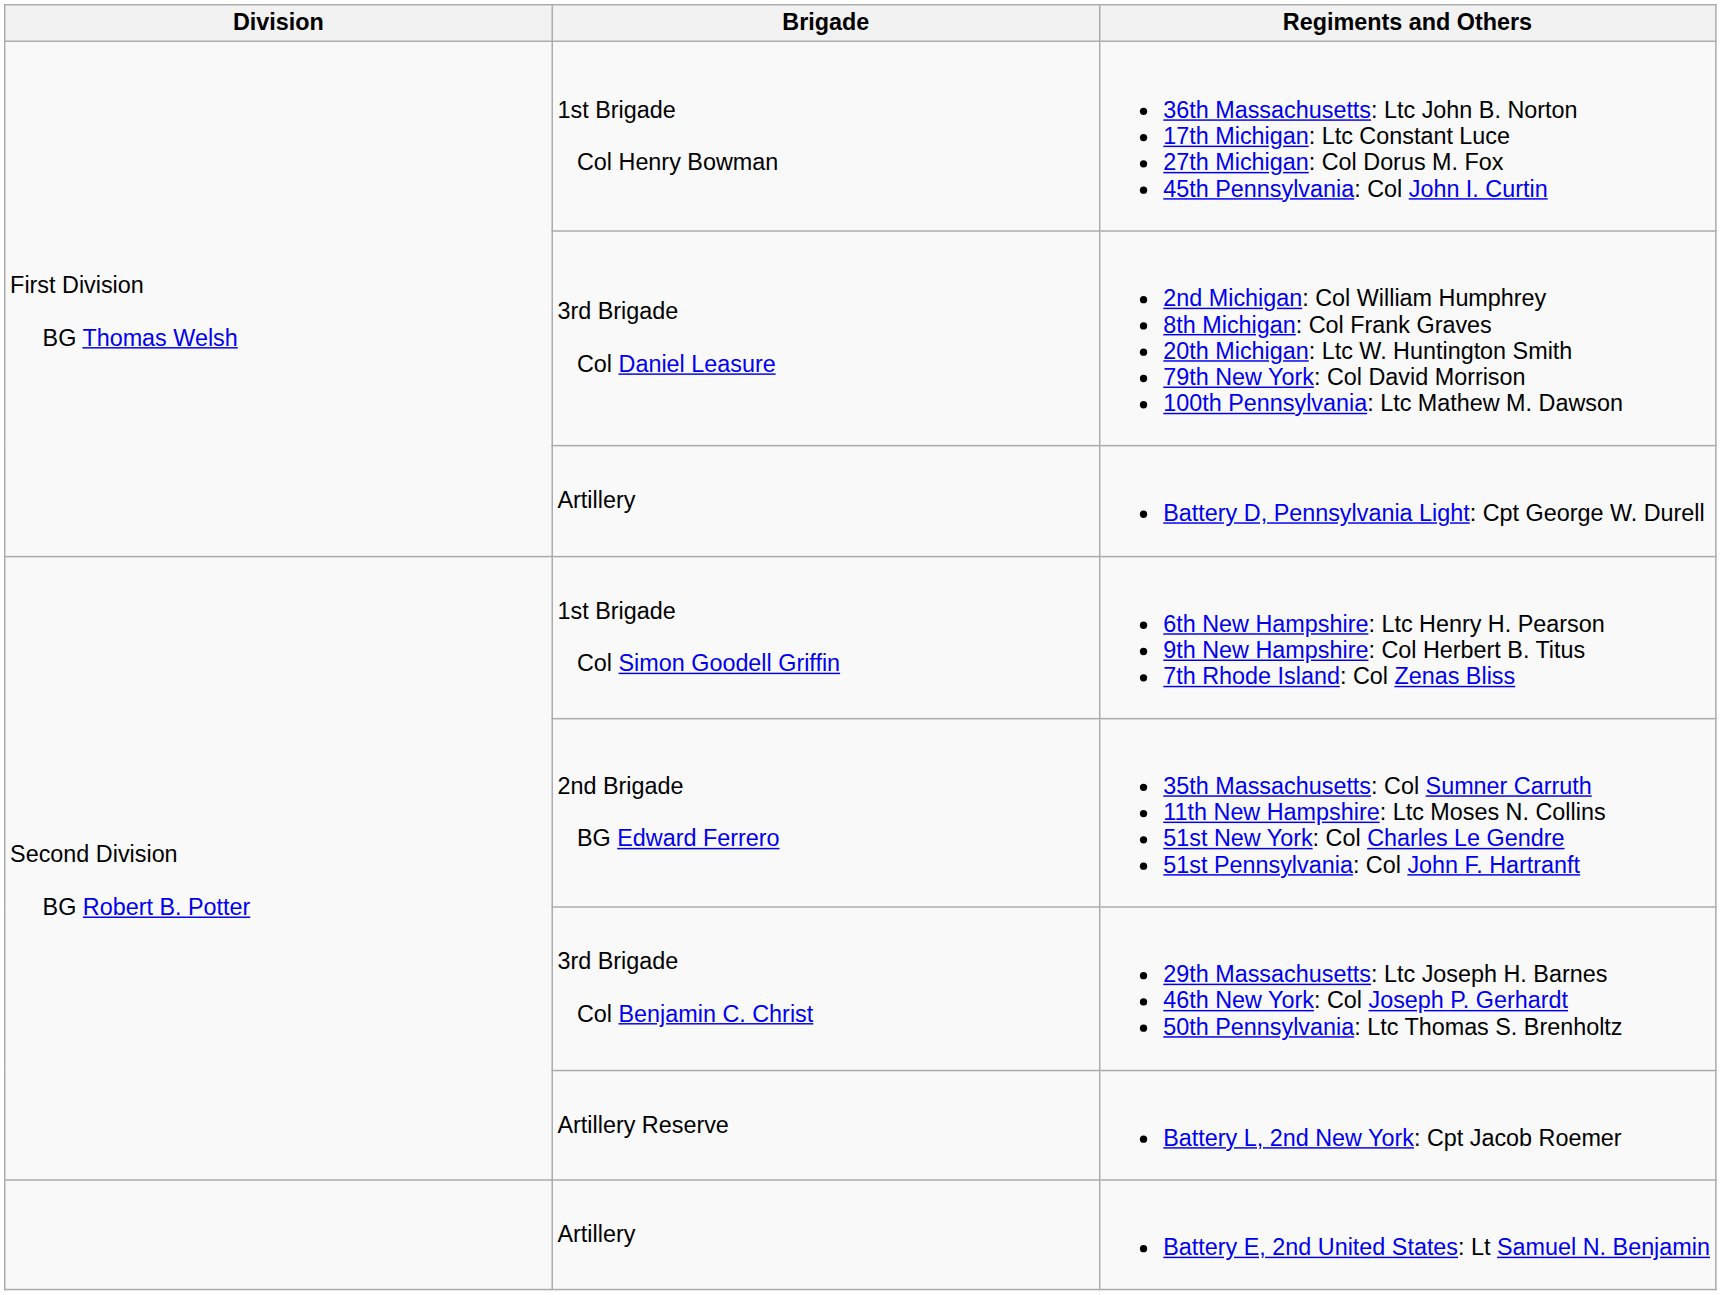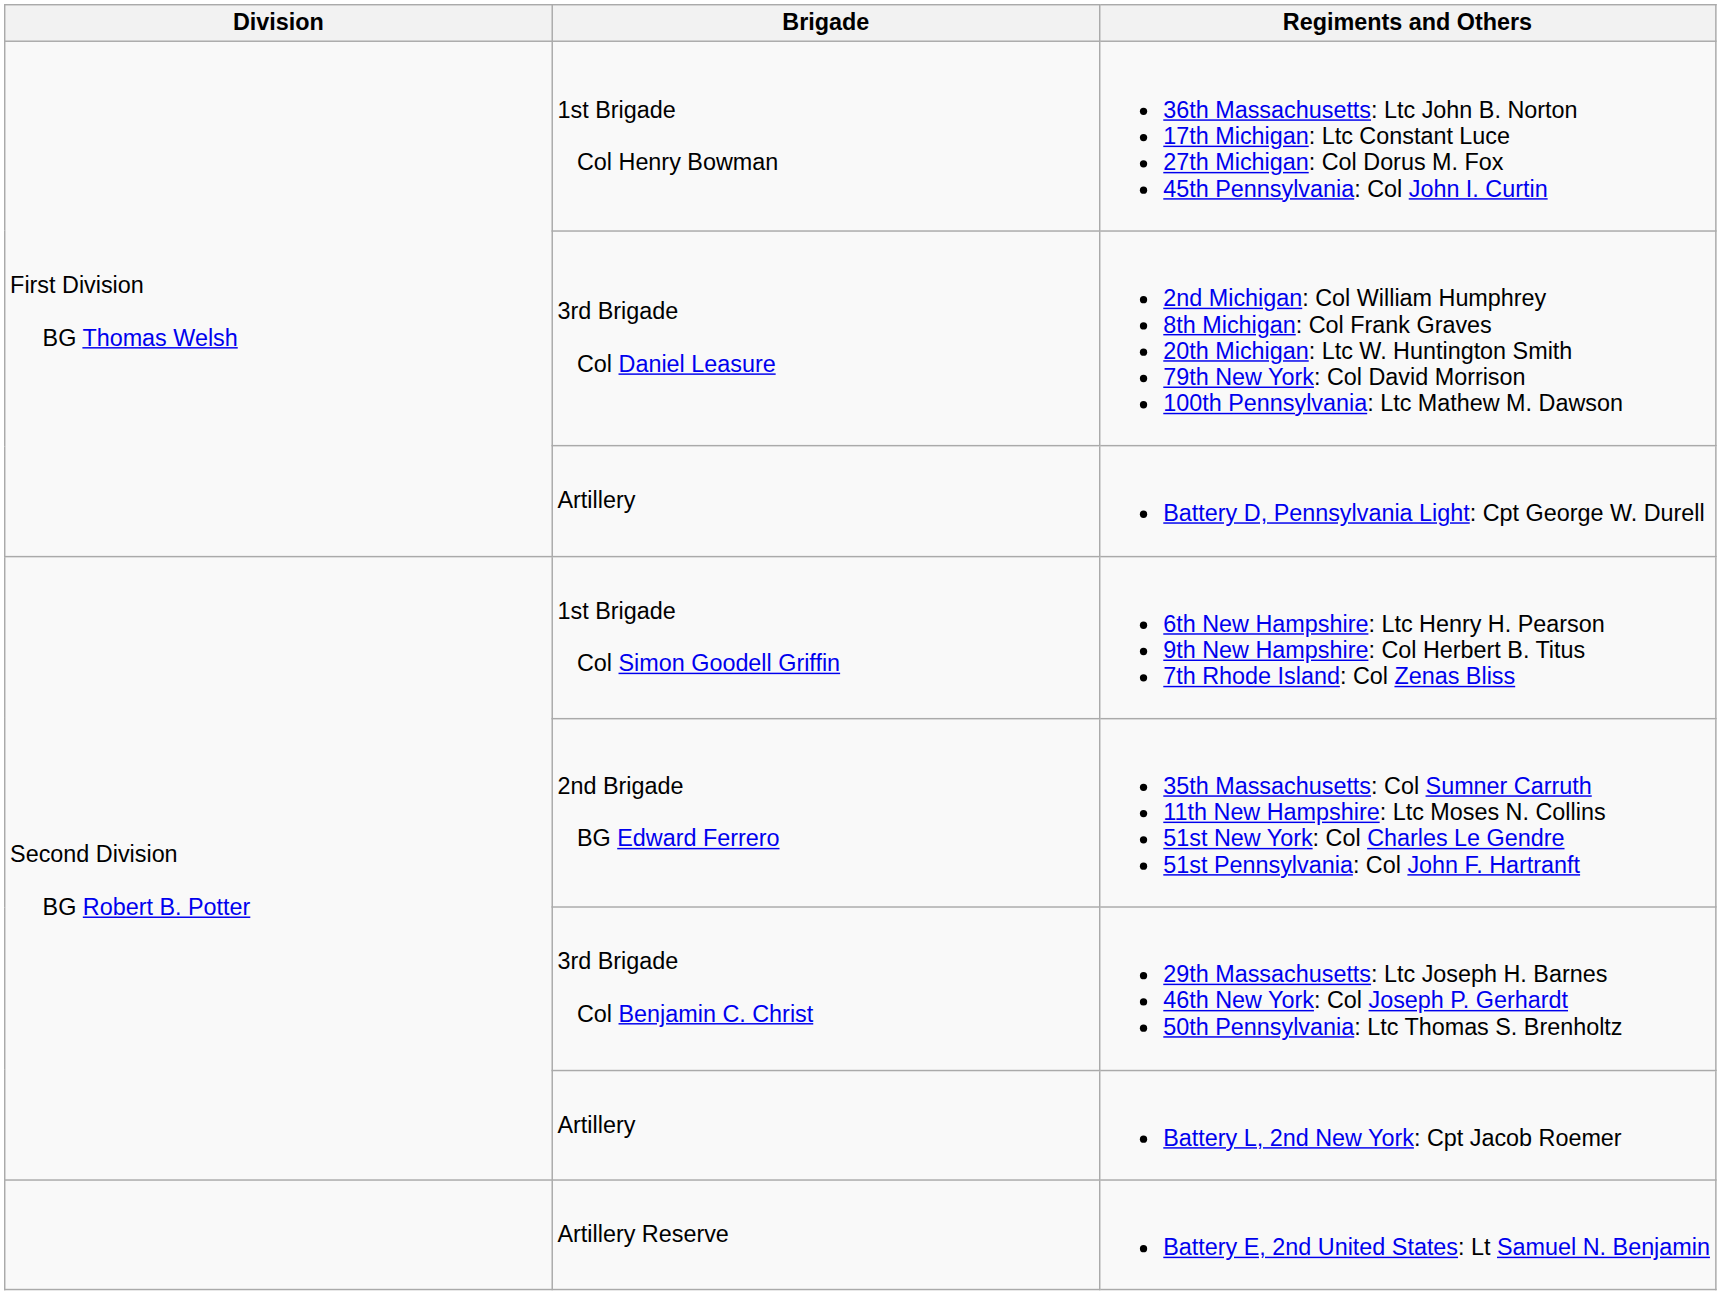 <table class="wikitable">
 <tr>
 <th width=32%>Division</th>
 <th width=32%>Brigade</th>
 <th>Regiments and Others</th>
 </tr>
 <tr>
 <td rowspan=3><br>First Division<br><br>     BG <a href='#'>Thomas Welsh</a></td>
 <td>1st Brigade<br><br>   Col Henry Bowman</td>
 <td><br><ul><li><a href='#'>36th Massachusetts</a>: Ltc John B. Norton</li><li><a href='#'>17th Michigan</a>: Ltc Constant Luce</li><li><a href='#'>27th Michigan</a>: Col Dorus M. Fox</li><li><a href='#'>45th Pennsylvania</a>: Col <a href='#'>John I. Curtin</a></li></ul></td>
 </tr>
 <tr>
 <td>3rd Brigade<br><br>   Col <a href='#'>Daniel Leasure</a></td>
 <td><br><ul><li><a href='#'>2nd Michigan</a>: Col William Humphrey</li><li><a href='#'>8th Michigan</a>: Col Frank Graves</li><li><a href='#'>20th Michigan</a>: Ltc W. Huntington Smith</li><li><a href='#'>79th New York</a>: Col David Morrison</li><li><a href='#'>100th Pennsylvania</a>: Ltc Mathew M. Dawson</li></ul></td>
 </tr>
 <tr>
 <td>Artillery</td>
 <td><br><ul><li><a href='#'>Battery D, Pennsylvania Light</a>: Cpt George W. Durell</li></ul></td>
 </tr>
 <tr>
 <td rowspan=4><br>Second Division<br><br>     BG <a href='#'>Robert B. Potter</a></td>
 <td>1st Brigade<br><br>   Col <a href='#'>Simon Goodell Griffin</a></td>
 <td><br><ul><li><a href='#'>6th New Hampshire</a>: Ltc Henry H. Pearson</li><li><a href='#'>9th New Hampshire</a>: Col Herbert B. Titus</li><li><a href='#'>7th Rhode Island</a>: Col <a href='#'>Zenas Bliss</a></li></ul></td>
 </tr>
 <tr>
 <td>2nd Brigade<br><br>   BG <a href='#'>Edward Ferrero</a></td>
 <td><br><ul><li><a href='#'>35th Massachusetts</a>: Col <a href='#'>Sumner Carruth</a></li><li><a href='#'>11th New Hampshire</a>: Ltc Moses N. Collins</li><li><a href='#'>51st New York</a>: Col <a href='#'>Charles Le Gendre</a></li><li><a href='#'>51st Pennsylvania</a>: Col <a href='#'>John F. Hartranft</a></li></ul></td>
 </tr>
 <tr>
 <td>3rd Brigade<br><br>   Col <a href='#'>Benjamin C. Christ</a></td>
 <td><br><ul><li><a href='#'>29th Massachusetts</a>: Ltc Joseph H. Barnes</li><li><a href='#'>46th New York</a>: Col <a href='#'>Joseph P. Gerhardt</a></li><li><a href='#'>50th Pennsylvania</a>: Ltc Thomas S. Brenholtz</li></ul></td>
 </tr>
 <tr>
-<td>Artillery Reserve</td>
+<td>Artillery</td>
 <td><br><ul><li><a href='#'>Battery L, 2nd New York</a>: Cpt Jacob Roemer</li></ul></td>
 </tr>
 <tr>
 <td></td>
-<td>Artillery</td>
+<td>Artillery Reserve</td>
 <td><br><ul><li><a href='#'>Battery E, 2nd United States</a>: Lt <a href='#'>Samuel N. Benjamin</a></li></ul></td>
 </tr>
 </table>
